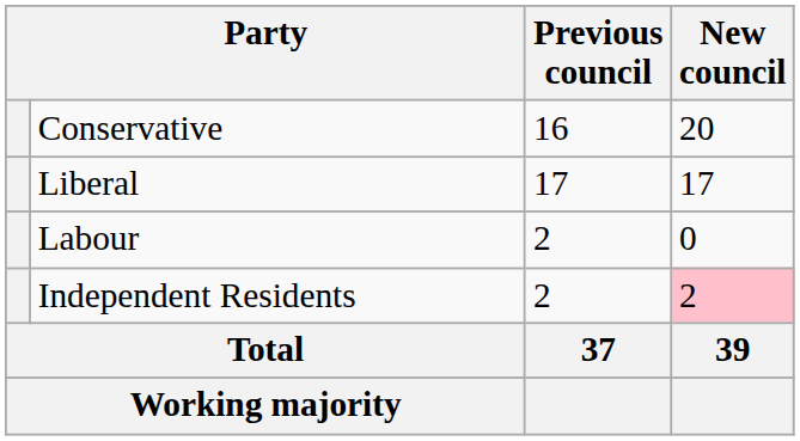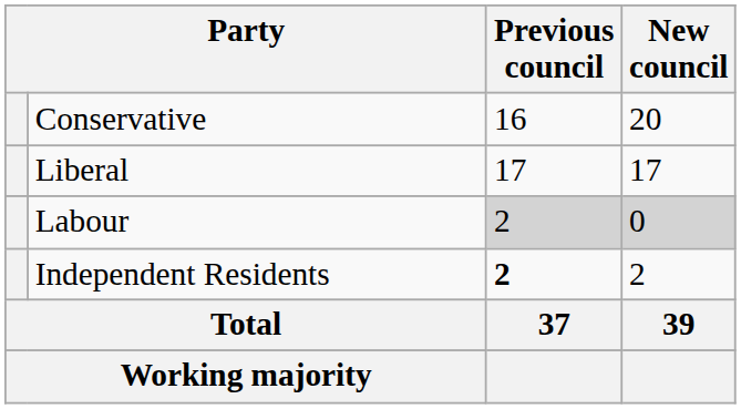 <table class="wikitable">
 <tr>
 <th valign=top colspan="2" style="width: 230px">Party</th>
 <th valign=top style="width: 30px">Previous council</th>
 <th valign=top style="width: 30px">New council</th>
 </tr>
 <tr>
 <th style="background-color: "></th>
 <td>Conservative</td>
 <td>16</td>
 <td>20</td>
 </tr>
 <tr>
 <th style="background-color: "></th>
 <td>Liberal</td>
 <td>17</td>
 <td>17</td>
 </tr>
 <tr>
 <th style="background-color: "></th>
 <td>Labour</td>
-<td>2</td>
-<td>0</td>
+<td style="background: lightgrey;">2</td>
+<td style="background: lightgrey;">0</td>
 </tr>
 <tr>
 <th style="background-color: "></th>
 <td>Independent Residents</td>
+<td><strong>2</strong></td>
 <td>2</td>
-<td style="background: pink;">2</td>
 </tr>
 <tr>
 <th colspan=2>Total</th>
 <th style="text-align: center">37</th>
 <th colspan=3>39</th>
 </tr>
 <tr>
 <th colspan=2>Working majority</th>
 <th></th>
 <th></th>
 </tr>
 </table>
